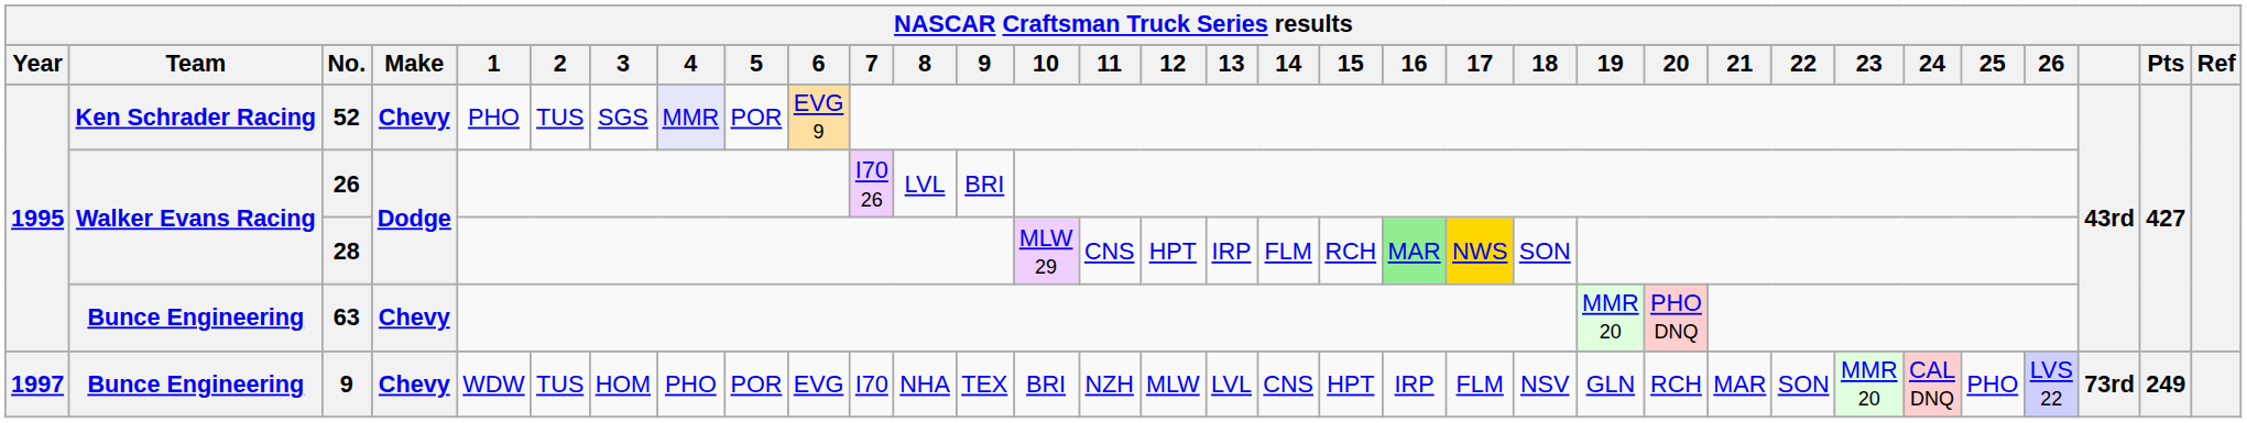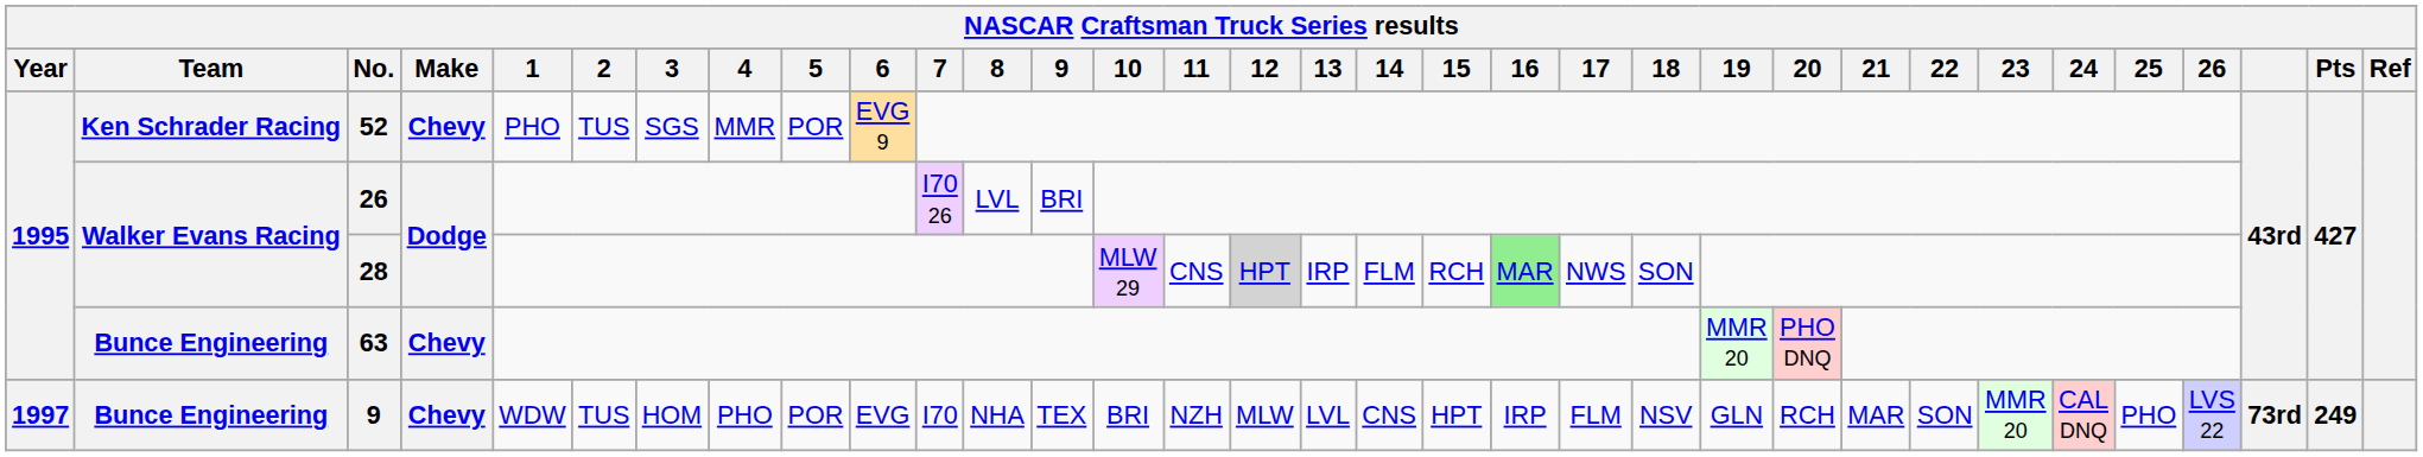 <table class="wikitable" style="text-align:center; font-size:75%">
 <tr>
 <th colspan=45><a href='#'>NASCAR</a> <a href='#'>Craftsman Truck Series</a> results</th>
 </tr>
 <tr>
 <th>Year</th>
 <th>Team</th>
 <th>No.</th>
 <th>Make</th>
 <th>1</th>
 <th>2</th>
 <th>3</th>
 <th>4</th>
 <th>5</th>
 <th>6</th>
 <th>7</th>
 <th>8</th>
 <th>9</th>
 <th>10</th>
 <th>11</th>
 <th>12</th>
 <th>13</th>
 <th>14</th>
 <th>15</th>
 <th>16</th>
 <th>17</th>
 <th>18</th>
 <th>19</th>
 <th>20</th>
 <th>21</th>
 <th>22</th>
 <th>23</th>
 <th>24</th>
 <th>25</th>
 <th>26</th>
 <th></th>
 <th>Pts</th>
 <th>Ref</th>
 </tr>
 <tr>
 <th rowspan=4><a href='#'>1995</a></th>
 <th><a href='#'>Ken Schrader Racing</a></th>
 <th>52</th>
 <th><a href='#'>Chevy</a></th>
 <td><a href='#'>PHO</a></td>
 <td><a href='#'>TUS</a></td>
 <td><a href='#'>SGS</a></td>
-<td style="background: lavender;"><a href='#'>MMR</a></td>
+<td><a href='#'>MMR</a></td>
 <td><a href='#'>POR</a></td>
 <td style="background:#FFDF9F;"><a href='#'>EVG</a><br><small>9</small></td>
 <td colspan=20></td>
 <th rowspan=4>43rd</th>
 <th rowspan=4>427</th>
 <th rowspan=4></th>
 </tr>
 <tr>
 <th rowspan=2><a href='#'>Walker Evans Racing</a></th>
 <th>26</th>
 <th rowspan=2><a href='#'>Dodge</a></th>
 <td colspan=6></td>
 <td style="background:#EFCFFF;"><a href='#'>I70</a><br><small>26</small></td>
 <td><a href='#'>LVL</a></td>
 <td><a href='#'>BRI</a></td>
 <td colspan=17></td>
 </tr>
 <tr>
 <th>28</th>
 <td colspan=9></td>
 <td style="background:#EFCFFF;"><a href='#'>MLW</a><br><small>29</small></td>
 <td><a href='#'>CNS</a></td>
-<td><a href='#'>HPT</a></td>
+<td style="background: lightgrey;"><a href='#'>HPT</a></td>
 <td><a href='#'>IRP</a></td>
 <td><a href='#'>FLM</a></td>
 <td><a href='#'>RCH</a></td>
 <td style="background: lightgreen;"><a href='#'>MAR</a></td>
-<td style="background: gold;"><a href='#'>NWS</a></td>
+<td><a href='#'>NWS</a></td>
 <td><a href='#'>SON</a></td>
 <td colspan=8></td>
 </tr>
 <tr>
 <th><a href='#'>Bunce Engineering</a></th>
 <th>63</th>
 <th><a href='#'>Chevy</a></th>
 <td colspan=18></td>
 <td style="background:#DFFFDF;"><a href='#'>MMR</a><br><small>20</small></td>
 <td style="background:#FFCFCF;"><a href='#'>PHO</a><br><small>DNQ</small></td>
 <td colspan=6></td>
 </tr>
 <tr>
 <th><a href='#'>1997</a></th>
 <th><a href='#'>Bunce Engineering</a></th>
 <th>9</th>
 <th><a href='#'>Chevy</a></th>
 <td><a href='#'>WDW</a></td>
 <td><a href='#'>TUS</a></td>
 <td><a href='#'>HOM</a></td>
 <td><a href='#'>PHO</a></td>
 <td><a href='#'>POR</a></td>
 <td><a href='#'>EVG</a></td>
 <td><a href='#'>I70</a></td>
 <td><a href='#'>NHA</a></td>
 <td><a href='#'>TEX</a></td>
 <td><a href='#'>BRI</a></td>
 <td><a href='#'>NZH</a></td>
 <td><a href='#'>MLW</a></td>
 <td><a href='#'>LVL</a></td>
 <td><a href='#'>CNS</a></td>
 <td><a href='#'>HPT</a></td>
 <td><a href='#'>IRP</a></td>
 <td><a href='#'>FLM</a></td>
 <td><a href='#'>NSV</a></td>
 <td><a href='#'>GLN</a></td>
 <td><a href='#'>RCH</a></td>
 <td><a href='#'>MAR</a></td>
 <td><a href='#'>SON</a></td>
 <td style="background:#DFFFDF;"><a href='#'>MMR</a><br><small>20</small></td>
 <td style="background:#FFCFCF;"><a href='#'>CAL</a><br><small>DNQ</small></td>
 <td><a href='#'>PHO</a></td>
 <td style="background:#CFCFFF;"><a href='#'>LVS</a><br><small>22</small></td>
 <th>73rd</th>
 <th>249</th>
 <th></th>
 </tr>
 </table>
